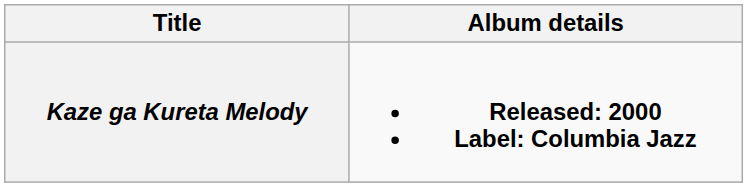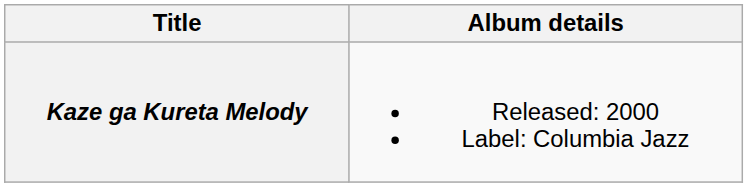 <table class="wikitable plainrowheaders" style="text-align:center;">
 <tr>
 <th scope="col" style="width:14em;">Title</th>
 <th scope="col" style="width:16em;">Album details</th>
 </tr>
 <tr>
 <th scope="row"><em>Kaze ga Kureta Melody</em></th>
-<td><strong><br><ul><li>Released: 2000</li><li>Label: Columbia Jazz</li></ul></strong></td>
+<td><br><ul><li>Released: 2000</li><li>Label: Columbia Jazz</li></ul></td>
 </tr>
 </table>
